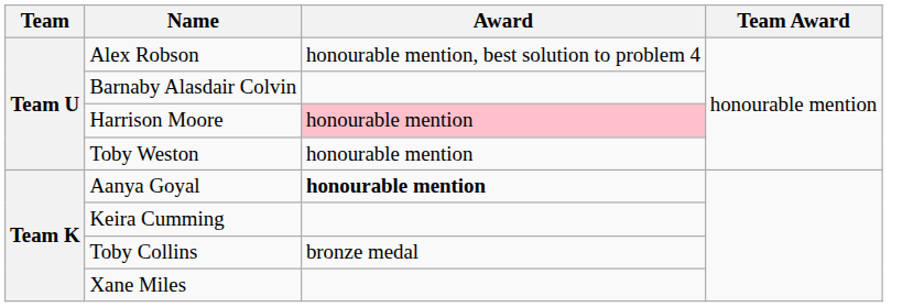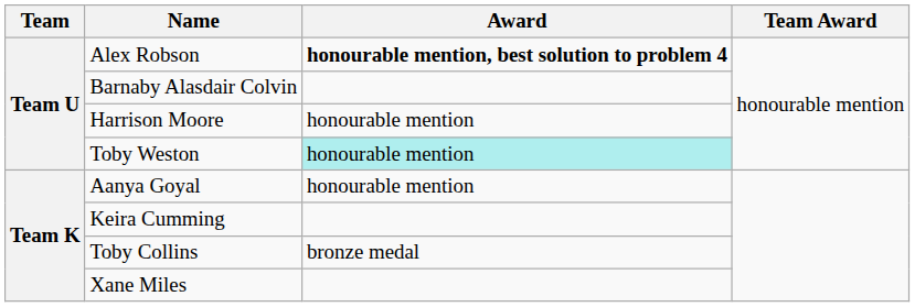 <table class="wikitable">
 <tr>
 <th>Team</th>
 <th>Name</th>
 <th>Award</th>
 <th>Team Award</th>
 </tr>
 <tr>
 <th rowspan=4 valign="middle">Team U</th>
 <td>Alex Robson</td>
-<td>honourable mention, best solution to problem 4</td>
+<td><strong>honourable mention, best solution to problem 4</strong></td>
 <td rowspan="4">honourable mention</td>
 </tr>
 <tr>
 <td>Barnaby Alasdair Colvin</td>
 <td></td>
 </tr>
 <tr>
 <td>Harrison Moore</td>
-<td style="background: pink;">honourable mention</td>
+<td>honourable mention</td>
 </tr>
 <tr>
 <td>Toby Weston</td>
-<td>honourable mention</td>
+<td style="background: paleturquoise;">honourable mention</td>
 </tr>
 <tr>
 <th rowspan=4 valign="middle">Team K</th>
 <td>Aanya Goyal</td>
-<td><strong>honourable mention</strong></td>
+<td>honourable mention</td>
 <td rowspan="4"></td>
 </tr>
 <tr>
 <td>Keira Cumming</td>
 <td></td>
 </tr>
 <tr>
 <td>Toby Collins</td>
 <td>bronze medal</td>
 </tr>
 <tr>
 <td>Xane Miles</td>
 <td></td>
 </tr>
 </table>
